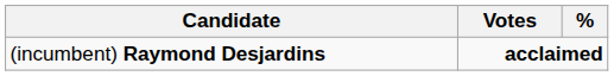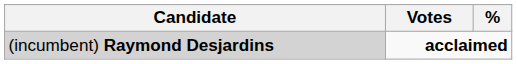 <table style="width:475px;" class="wikitable">
 <tr>
 <th align="center">Candidate</th>
 <th align="center">Votes</th>
 <th align="center">%</th>
 </tr>
 <tr>
-<td align="left">(incumbent) <strong>Raymond Desjardins</strong></td>
+<td align="left" style="background: lightgrey;">(incumbent) <strong>Raymond Desjardins</strong></td>
 <td align="right" colspan="2"><strong>acclaimed</strong></td>
 </tr>
 </table>
